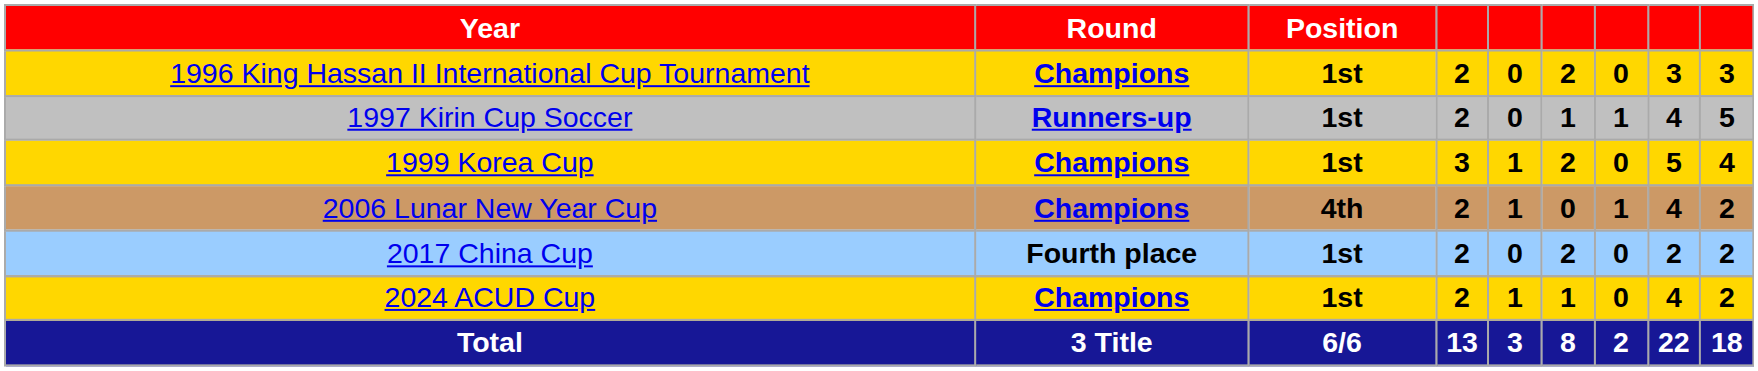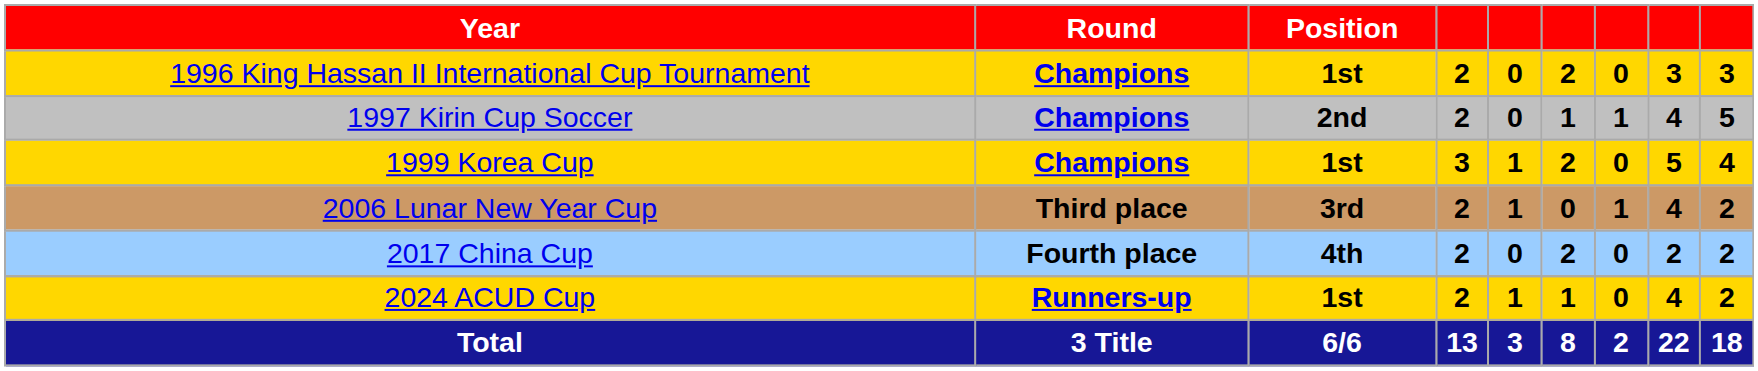 <table class="wikitable" style="font-size:90%; text-align:center;" width="100%" class="wikitable">
 <tr>
 <th style="background:#ff0000; color:white; ">Year</th>
 <th style="background:#ff0000; color:white; ">Round</th>
 <th style="background:#ff0000; color:white; ">Position</th>
 <th width="20" style="background:#ff0000; color:white; "></th>
 <th width="20" style="background:#ff0000; color:white; "></th>
 <th width="20" style="background:#ff0000; color:white; "></th>
 <th width="20" style="background:#ff0000; color:white; "></th>
 <th width="20" style="background:#ff0000; color:white; "></th>
 <th width="20" style="background:#ff0000; color:white; "></th>
 </tr>
 <tr bgcolor=gold>
 <td> <a href='#'>1996 King Hassan II International Cup Tournament</a></td>
 <td><strong><a href='#'>Champions</a></strong></td>
 <td><strong>1st</strong></td>
 <td><strong>2</strong></td>
 <td><strong>0</strong></td>
 <td><strong>2</strong></td>
 <td><strong>0</strong></td>
 <td><strong>3</strong></td>
 <td><strong>3</strong></td>
 </tr>
 <tr bgcolor=silver>
 <td> <a href='#'>1997 Kirin Cup Soccer</a></td>
-<td><strong><a href='#'>Runners-up</a></strong></td>
-<td><strong>1st</strong></td>
+<td><strong><a href='#'>Champions</a></strong></td>
+<td><strong>2nd</strong></td>
 <td><strong>2</strong></td>
 <td><strong>0</strong></td>
 <td><strong>1</strong></td>
 <td><strong>1</strong></td>
 <td><strong>4</strong></td>
 <td><strong>5</strong></td>
 </tr>
 <tr bgcolor=gold>
 <td> <a href='#'>1999 Korea Cup</a></td>
 <td><strong><a href='#'>Champions</a></strong></td>
 <td><strong>1st</strong></td>
 <td><strong>3</strong></td>
 <td><strong>1</strong></td>
 <td><strong>2</strong></td>
 <td><strong>0</strong></td>
 <td><strong>5</strong></td>
 <td><strong>4</strong></td>
 </tr>
 <tr bgcolor=#cc9966>
 <td> <a href='#'>2006 Lunar New Year Cup</a></td>
-<td><strong><a href='#'>Champions</a></strong></td>
-<td><strong>4th</strong></td>
+<td><strong>Third place</strong></td>
+<td><strong>3rd</strong></td>
 <td><strong>2</strong></td>
 <td><strong>1</strong></td>
 <td><strong>0</strong></td>
 <td><strong>1</strong></td>
 <td><strong>4</strong></td>
 <td><strong>2</strong></td>
 </tr>
 <tr bgcolor=#9acdff>
 <td> <a href='#'>2017 China Cup</a></td>
 <td><strong>Fourth place</strong></td>
-<td><strong>1st</strong></td>
+<td><strong>4th</strong></td>
 <td><strong>2</strong></td>
 <td><strong>0</strong></td>
 <td><strong>2</strong></td>
 <td><strong>0</strong></td>
 <td><strong>2</strong></td>
 <td><strong>2</strong></td>
 </tr>
 <tr>
 </tr>
 <tr bgcolor=gold>
 <td> <a href='#'>2024 ACUD Cup</a></td>
-<td><strong><a href='#'>Champions</a></strong></td>
+<td><strong><a href='#'>Runners-up</a></strong></td>
 <td><strong>1st</strong></td>
 <td><strong>2</strong></td>
 <td><strong>1</strong></td>
 <td><strong>1</strong></td>
 <td><strong>0</strong></td>
 <td><strong>4</strong></td>
 <td><strong>2</strong></td>
 </tr>
 <tr>
 <th style="background:#171796; color:white; ">Total</th>
 <th style="background:#171796; color:white; ">3 Title</th>
 <th style="background:#171796; color:white; ">6/6</th>
 <th style="background:#171796; color:white; ">13</th>
 <th style="background:#171796; color:white; ">3</th>
 <th style="background:#171796; color:white; ">8</th>
 <th style="background:#171796; color:white; ">2</th>
 <th style="background:#171796; color:white; ">22</th>
 <th style="background:#171796; color:white; ">18</th>
 </tr>
 </table>
